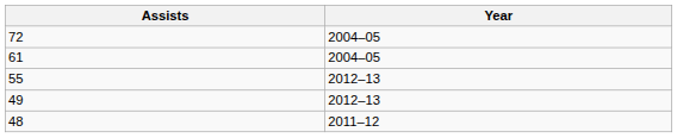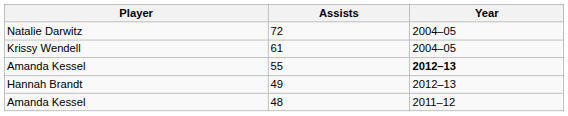 <table class="wikitable" style="width: 50em">
 <tr>
+<th>Player</th>
 <th>Assists</th>
 <th>Year</th>
 </tr>
 <tr>
+<td>Natalie Darwitz</td>
 <td>72</td>
 <td>2004–05</td>
 </tr>
 <tr>
+<td>Krissy Wendell</td>
 <td>61</td>
 <td>2004–05</td>
 </tr>
 <tr>
+<td>Amanda Kessel</td>
 <td>55</td>
-<td>2012–13</td>
+<td><strong>2012–13</strong></td>
 </tr>
 <tr>
+<td>Hannah Brandt</td>
 <td>49</td>
 <td>2012–13</td>
 </tr>
 <tr>
+<td>Amanda Kessel</td>
 <td>48</td>
 <td>2011–12</td>
 </tr>
 </table>
